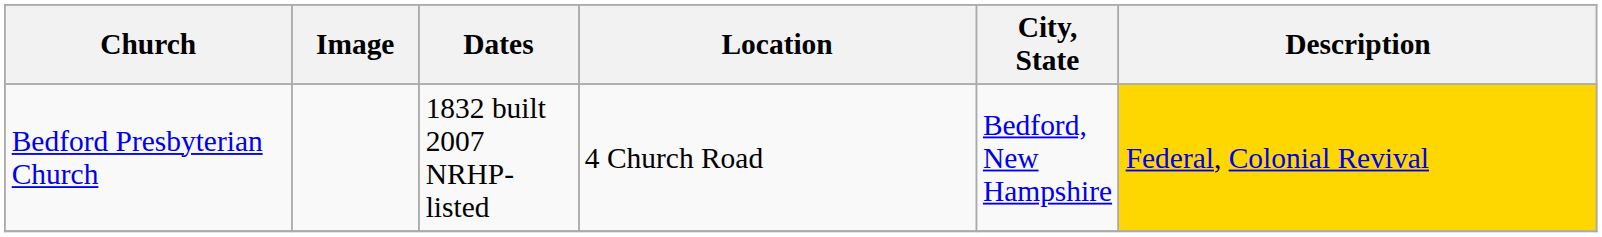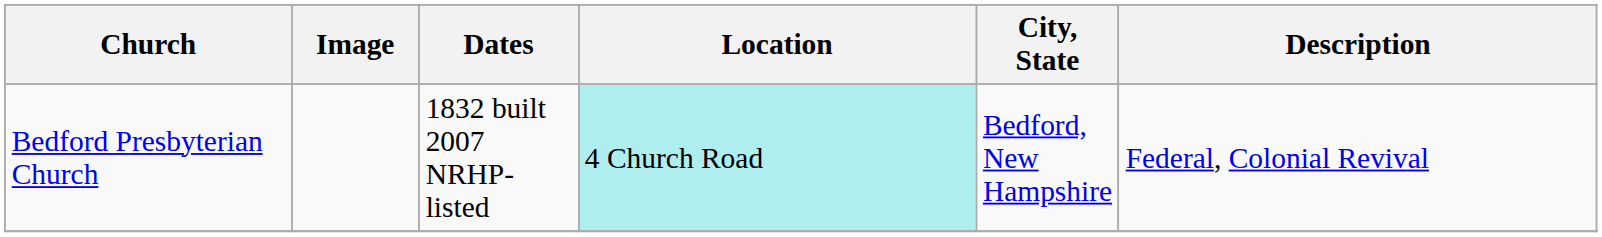 <table class="wikitable sortable" style="width:98%">
 <tr>
 <th width = 18%><strong>Church</strong></th>
 <th width = 8% class="unsortable"><strong>Image</strong></th>
 <th width = 10%><strong>Dates</strong></th>
 <th width = 25%><strong>Location</strong></th>
 <th width = 8%><strong>City, State</strong></th>
 <th class="unsortable"><strong>Description</strong></th>
 </tr>
 <tr>
 <td><a href='#'>Bedford Presbyterian Church</a></td>
 <td></td>
 <td>1832 built<br>2007 NRHP-listed</td>
-<td>4 Church Road<br><small></small></td>
+<td style="background: paleturquoise;">4 Church Road<br><small></small></td>
 <td><a href='#'>Bedford, New Hampshire</a></td>
-<td style="background: gold;"><a href='#'>Federal</a>, <a href='#'>Colonial Revival</a></td>
+<td><a href='#'>Federal</a>, <a href='#'>Colonial Revival</a></td>
 </tr>
 <tr>
 </tr>
 </table>
